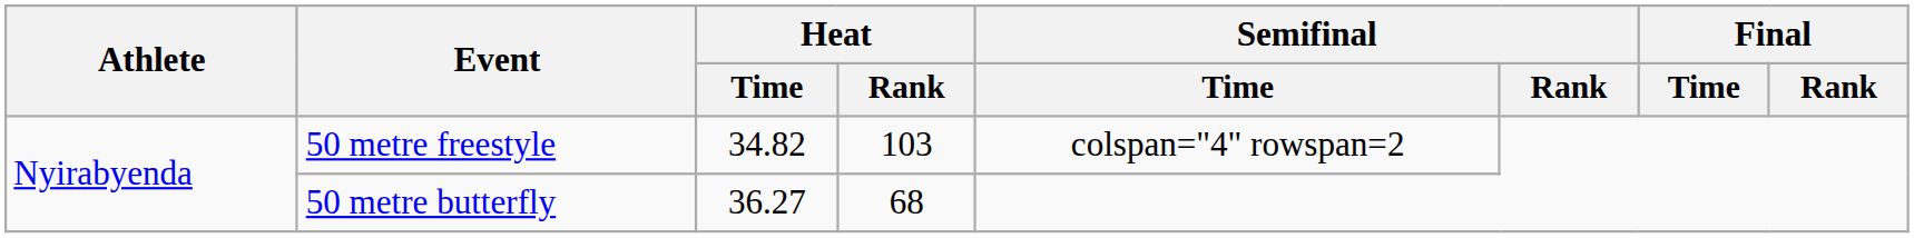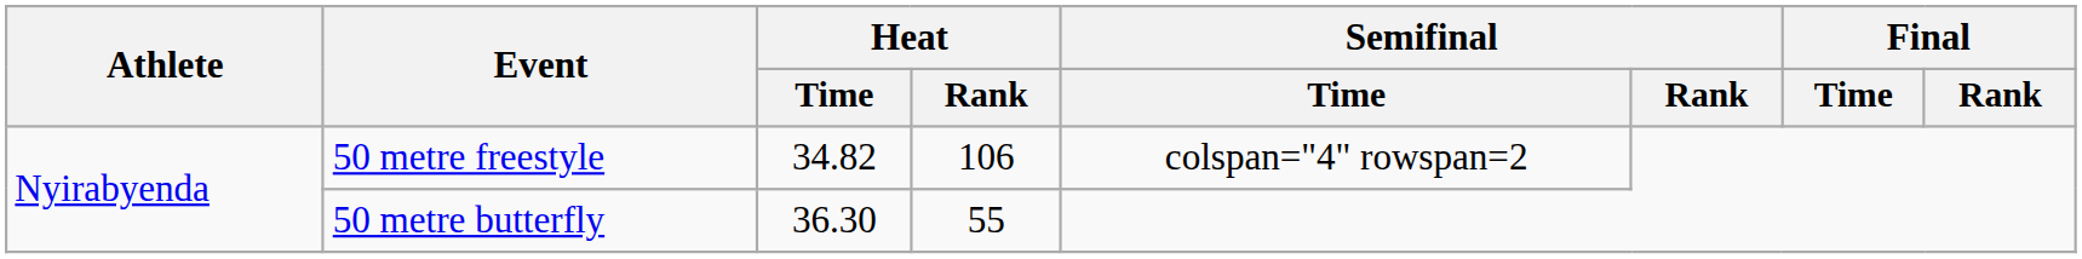 <table class="wikitable" style="text-align:center; font-size:90%; width:50%;">
 <tr>
 <th rowspan="2">Athlete</th>
 <th rowspan="2">Event</th>
 <th colspan="2">Heat</th>
 <th colspan="2">Semifinal</th>
 <th colspan="2">Final</th>
 </tr>
 <tr style="font-size:95%">
 <th>Time</th>
 <th>Rank</th>
 <th>Time</th>
 <th>Rank</th>
 <th>Time</th>
 <th>Rank</th>
 </tr>
 <tr>
 <td align=left rowspan=2><a href='#'>Nyirabyenda</a></td>
 <td align=left><a href='#'>50 metre freestyle</a></td>
 <td>34.82</td>
-<td>103</td>
+<td>106</td>
 <td>colspan="4" rowspan=2</td>
 </tr>
 <tr>
 <td align=left><a href='#'>50 metre butterfly</a></td>
-<td>36.27</td>
-<td>68</td>
+<td>36.30</td>
+<td>55</td>
 </tr>
 </table>
